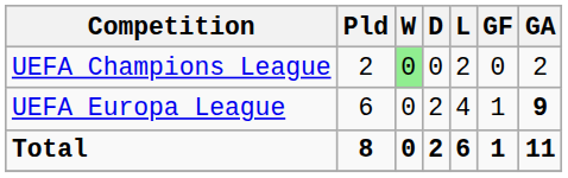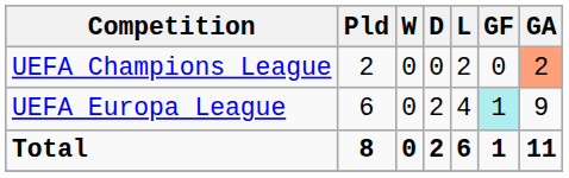 <table class="wikitable">
 <tr>
 <th>Competition</th>
 <th>Pld</th>
 <th>W</th>
 <th>D</th>
 <th>L</th>
 <th>GF</th>
 <th>GA</th>
 </tr>
 <tr>
 <td><a href='#'>UEFA Champions League</a></td>
 <td style="text-align:center;">2</td>
-<td style="background: lightgreen; text-align:center;">0</td>
+<td style="text-align:center;">0</td>
 <td style="text-align:center;">0</td>
 <td style="text-align:center;">2</td>
 <td style="text-align:center;">0</td>
-<td style="text-align:center;">2</td>
+<td style="background: lightsalmon; text-align:center;">2</td>
 </tr>
 <tr>
 <td><a href='#'>UEFA Europa League</a></td>
 <td style="text-align:center;">6</td>
 <td style="text-align:center;">0</td>
 <td style="text-align:center;">2</td>
 <td style="text-align:center;">4</td>
-<td style="text-align:center;">1</td>
-<td style="text-align:center;"><strong>9</strong></td>
+<td style="background: paleturquoise; text-align:center;">1</td>
+<td style="text-align:center;">9</td>
 </tr>
 <tr>
 <td><strong>Total</strong></td>
 <td style="text-align:center;"><strong>8</strong></td>
 <td style="text-align:center;"><strong>0</strong></td>
 <td style="text-align:center;"><strong>2</strong></td>
 <td style="text-align:center;"><strong>6</strong></td>
 <td style="text-align:center;"><strong>1</strong></td>
 <td style="text-align:center;"><strong>11</strong></td>
 </tr>
 <tr>
 </tr>
 </table>
